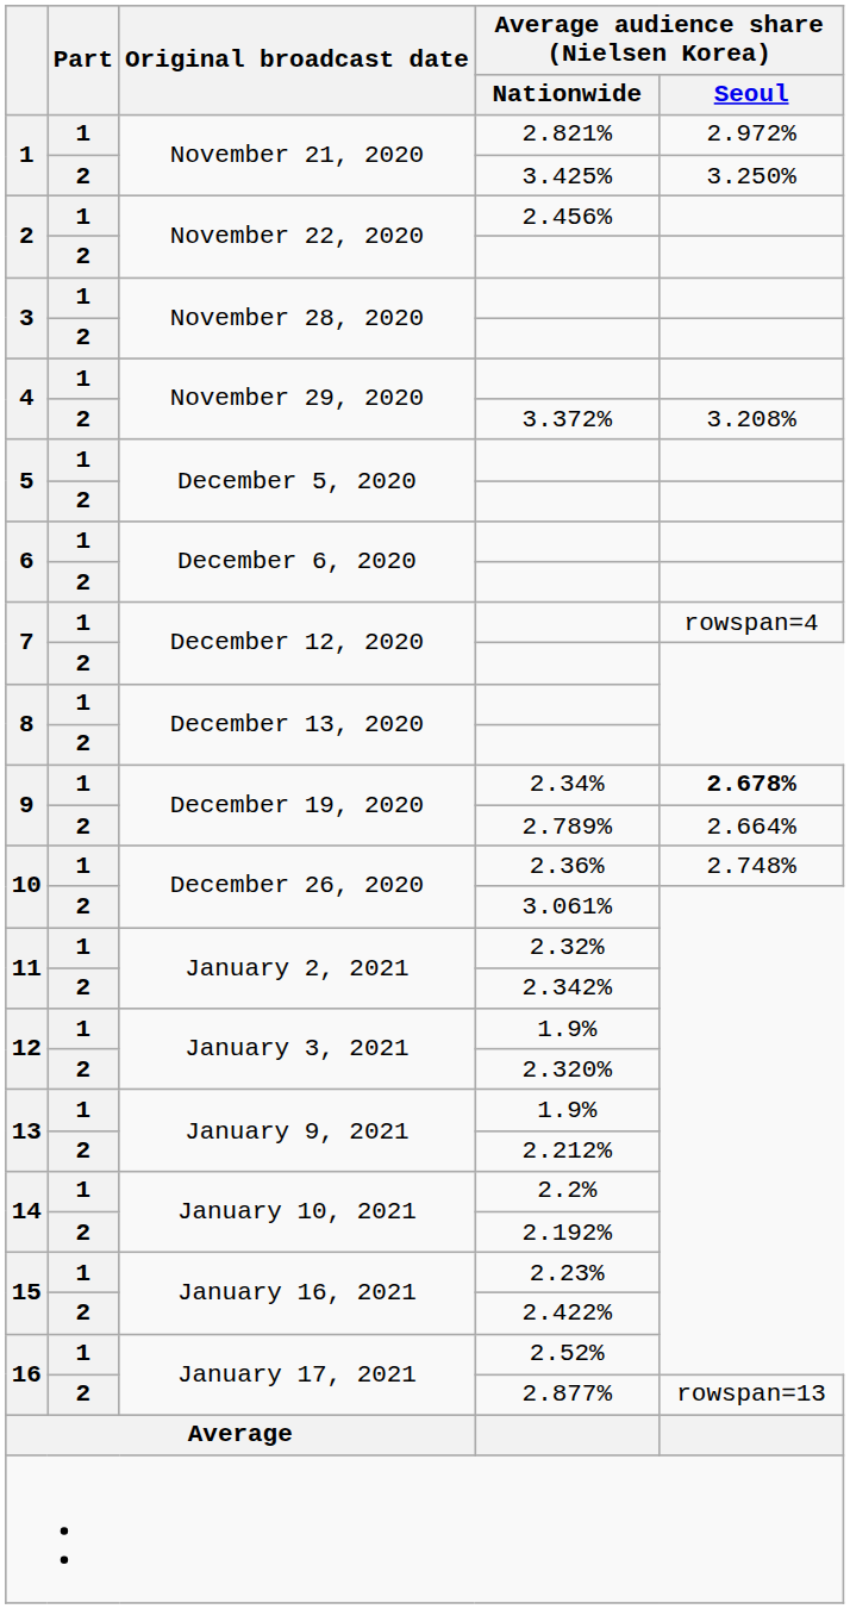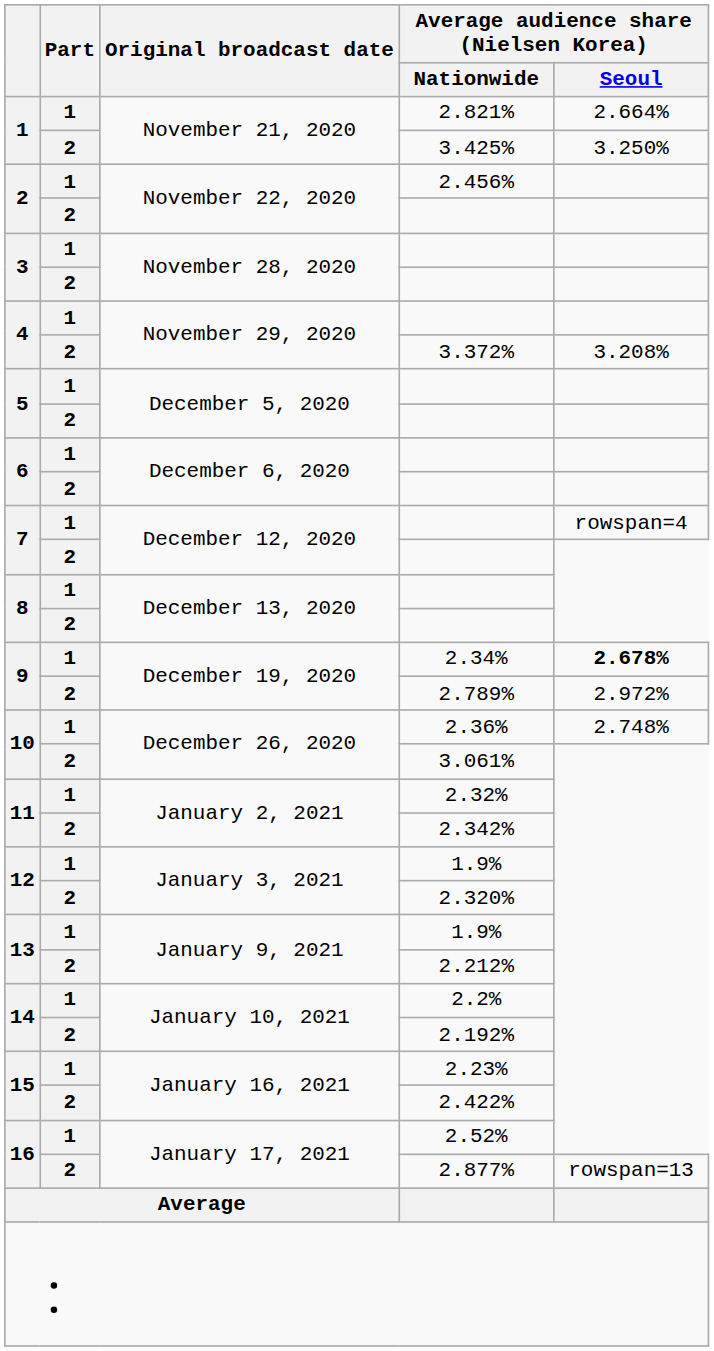 <table class="wikitable" style="text-align:center;max-width:500px; margin-left: auto; margin-right: auto; border: none;">
 <tr>
 </tr>
 <tr>
 <th rowspan="2"></th>
 <th rowspan="2">Part</th>
 <th rowspan="2">Original broadcast date</th>
 <th colspan="2">Average audience share<br>(Nielsen Korea)</th>
 </tr>
 <tr>
 <th width="90">Nationwide</th>
 <th width="90"><a href='#'>Seoul</a></th>
 </tr>
 <tr>
 <th rowspan="2">1</th>
 <th>1</th>
 <td rowspan="2">November 21, 2020</td>
 <td>2.821% </td>
-<td>2.972% </td>
+<td>2.664% </td>
 </tr>
 <tr>
 <th>2</th>
 <td>3.425% </td>
 <td>3.250% </td>
 </tr>
 <tr>
 <th rowspan="2">2</th>
 <th>1</th>
 <td rowspan="2">November 22, 2020</td>
 <td>2.456% </td>
 <td> </td>
 </tr>
 <tr>
 <th>2</th>
 <td> </td>
 <td> </td>
 </tr>
 <tr>
 <th rowspan="2">3</th>
 <th>1</th>
 <td rowspan="2">November 28, 2020</td>
 <td> </td>
 <td></td>
 </tr>
 <tr>
 <th>2</th>
 <td> </td>
 <td> </td>
 </tr>
 <tr>
 <th rowspan="2">4</th>
 <th>1</th>
 <td rowspan="2">November 29, 2020</td>
 <td> </td>
 <td></td>
 </tr>
 <tr>
 <th>2</th>
 <td>3.372% </td>
 <td>3.208% </td>
 </tr>
 <tr>
 <th rowspan="2">5</th>
 <th>1</th>
 <td rowspan="2">December 5, 2020</td>
 <td> </td>
 <td></td>
 </tr>
 <tr>
 <th>2</th>
 <td> </td>
 <td> </td>
 </tr>
 <tr>
 <th rowspan="2">6</th>
 <th>1</th>
 <td rowspan="2">December 6, 2020</td>
 <td> </td>
 <td></td>
 </tr>
 <tr>
 <th>2</th>
 <td> </td>
 <td> </td>
 </tr>
 <tr>
 <th rowspan="2">7</th>
 <th>1</th>
 <td rowspan="2">December 12, 2020</td>
 <td> </td>
 <td>rowspan=4 </td>
 </tr>
 <tr>
 <th>2</th>
 <td> </td>
 </tr>
 <tr>
 <th rowspan="2">8</th>
 <th>1</th>
 <td rowspan="2">December 13, 2020</td>
 <td> </td>
 </tr>
 <tr>
 <th>2</th>
 <td> </td>
 </tr>
 <tr>
 <th rowspan="2">9</th>
 <th>1</th>
 <td rowspan="2">December 19, 2020</td>
 <td>2.34% </td>
 <td><strong>2.678% </strong></td>
 </tr>
 <tr>
 <th>2</th>
 <td>2.789% </td>
-<td>2.664% </td>
+<td>2.972% </td>
 </tr>
 <tr>
 <th rowspan="2">10</th>
 <th>1</th>
 <td rowspan="2">December 26, 2020</td>
 <td>2.36% </td>
 <td>2.748% </td>
 </tr>
 <tr>
 <th>2</th>
 <td>3.061% </td>
 </tr>
 <tr>
 <th rowspan="2">11</th>
 <th>1</th>
 <td rowspan="2">January 2, 2021</td>
 <td>2.32% </td>
 </tr>
 <tr>
 <th>2</th>
 <td>2.342% </td>
 </tr>
 <tr>
 <th rowspan="2">12</th>
 <th>1</th>
 <td rowspan="2">January 3, 2021</td>
 <td>1.9% </td>
 </tr>
 <tr>
 <th>2</th>
 <td>2.320% </td>
 </tr>
 <tr>
 <th rowspan="2">13</th>
 <th>1</th>
 <td rowspan="2">January 9, 2021</td>
 <td>1.9% </td>
 </tr>
 <tr>
 <th>2</th>
 <td>2.212% </td>
 </tr>
 <tr>
 <th rowspan="2">14</th>
 <th>1</th>
 <td rowspan="2">January 10, 2021</td>
 <td>2.2%</td>
 </tr>
 <tr>
 <th>2</th>
 <td>2.192% </td>
 </tr>
 <tr>
 <th rowspan="2">15</th>
 <th>1</th>
 <td rowspan="2">January 16, 2021</td>
 <td>2.23% </td>
 </tr>
 <tr>
 <th>2</th>
 <td>2.422% </td>
 </tr>
 <tr>
 <th rowspan="2">16</th>
 <th>1</th>
 <td rowspan="2">January 17, 2021</td>
 <td>2.52% </td>
 </tr>
 <tr>
 <th>2</th>
 <td>2.877% </td>
 <td>rowspan=13 </td>
 </tr>
 <tr>
 <th colspan="3">Average</th>
 <th></th>
 <th></th>
 </tr>
 <tr>
 <td colspan="5"><br><ul><li></li><li></li></ul></td>
 </tr>
 </table>
